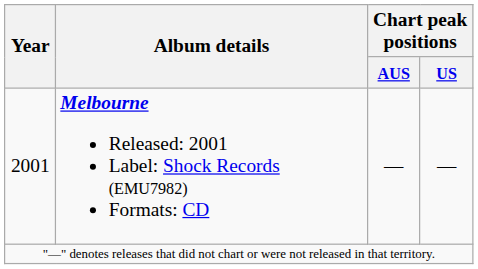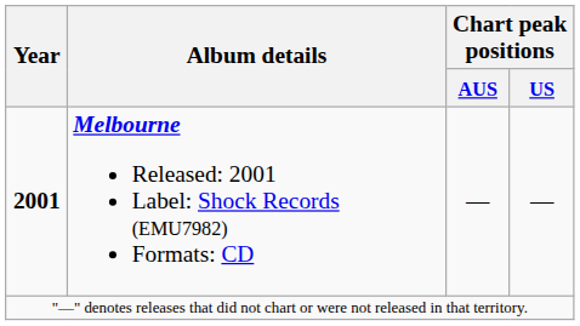 <table class="wikitable">
 <tr>
 <th rowspan="2" style="width:35px;">Year</th>
 <th style="width:250px;" rowspan="2">Album details</th>
 <th style="width:80px;" colspan="2">Chart peak positions</th>
 </tr>
 <tr>
 <th style="width:30px;"><small><a href='#'>AUS</a><br></small></th>
 <th style="width:30px;"><small><a href='#'>US</a><br></small></th>
 </tr>
 <tr>
-<td style="text-align:center;">2001</td>
+<td style="text-align:center;"><strong>2001</strong></td>
 <td><strong><em><a href='#'>Melbourne</a></em></strong><br><ul><li>Released: 2001</li><li>Label: <a href='#'>Shock Records</a> <small>(EMU7982)</small></li><li>Formats: <a href='#'>CD</a></li></ul></td>
 <td style="text-align:center;">—</td>
 <td style="text-align:center;">—</td>
 </tr>
 <tr>
 <td colspan="5" style="text-align:center; font-size:8pt;">"—" denotes releases that did not chart or were not released in that territory.</td>
 </tr>
 </table>
